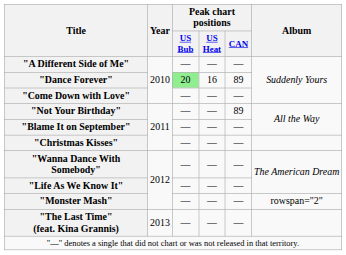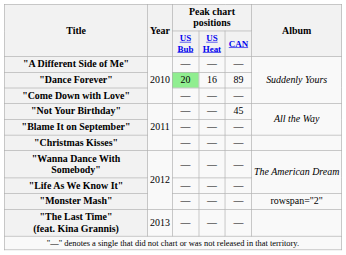 <table class="wikitable plainrowheaders" style="text-align:center;">
 <tr>
 <th scope="col" rowspan="2" style="width:14em;">Title</th>
 <th scope="col" rowspan="2">Year</th>
 <th scope="col" colspan="3">Peak chart positions</th>
 <th scope="col" rowspan="2">Album</th>
 </tr>
 <tr>
 <th scope="col" style="width:2.5em;font-size:90%;"><a href='#'>US<br>Bub</a><br></th>
 <th scope="col" style="width:2.5em;font-size:90%;"><a href='#'>US<br>Heat</a><br></th>
 <th scope="col" style="width:2.5em;font-size:90%;"><a href='#'>CAN</a><br></th>
 </tr>
 <tr>
 <th scope="row">"A Different Side of Me"</th>
 <td rowspan="3">2010</td>
 <td>—</td>
 <td>—</td>
 <td>—</td>
 <td rowspan="3"><em>Suddenly Yours</em></td>
 </tr>
 <tr>
 <th scope="row">"Dance Forever"</th>
 <td style="background: lightgreen;">20</td>
 <td>16</td>
 <td>89</td>
 </tr>
 <tr>
 <th scope="row">"Come Down with Love"</th>
 <td>—</td>
 <td>—</td>
 <td>—</td>
 </tr>
 <tr>
 <th scope="row">"Not Your Birthday"</th>
 <td rowspan="3">2011</td>
 <td>—</td>
 <td>—</td>
-<td>89</td>
+<td>45</td>
 <td rowspan="2"><em>All the Way</em></td>
 </tr>
 <tr>
 <th scope="row">"Blame It on September"</th>
 <td>—</td>
 <td>—</td>
 <td>—</td>
 </tr>
 <tr>
 <th scope="row">"Christmas Kisses"</th>
 <td>—</td>
 <td>—</td>
 <td>—</td>
 <td></td>
 </tr>
 <tr>
 <th scope="row">"Wanna Dance With Somebody"</th>
 <td rowspan="3">2012</td>
 <td>—</td>
 <td>—</td>
 <td>—</td>
 <td rowspan="2"><em>The American Dream</em></td>
 </tr>
 <tr>
 <th scope="row">"Life As We Know It"</th>
 <td>—</td>
 <td>—</td>
 <td>—</td>
 </tr>
 <tr>
 <th scope="row">"Monster Mash"</th>
 <td>—</td>
 <td>—</td>
 <td>—</td>
 <td>rowspan="2" </td>
 </tr>
 <tr>
 <th scope="row">"The Last Time"<br>(feat. Kina Grannis)</th>
 <td>2013</td>
 <td>—</td>
 <td>—</td>
 <td>—</td>
 </tr>
 <tr>
 <td colspan="12" style="font-size:85%">"—" denotes a single that did not chart or was not released in that territory.</td>
 </tr>
 </table>
